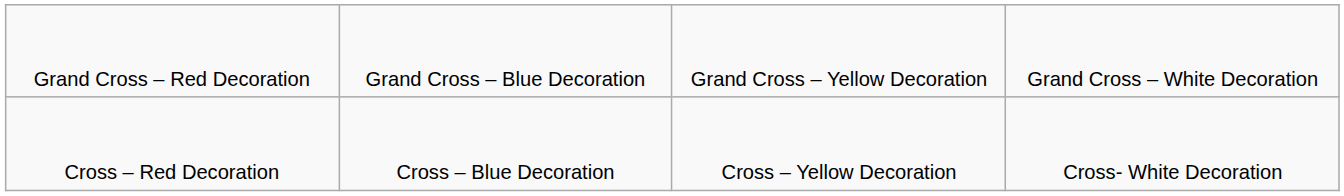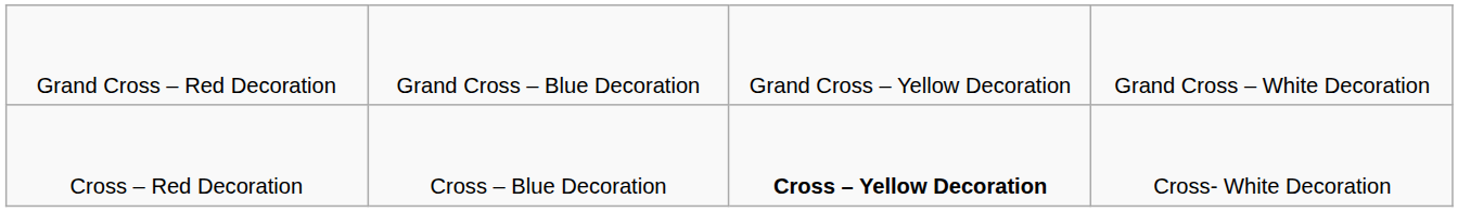 <table class=wikitable width=70% style="margin:1em auto;">
 <tr>
 <td width=20% valign=top align=center><br><br><small>Grand Cross – Red Decoration</small></td>
 <td width=20% valign=top align=center><br><br><small>Grand Cross – Blue Decoration</small></td>
 <td width=20% valign=top align=center><br><br><small>Grand Cross – Yellow Decoration</small></td>
 <td width=20% valign=top align=center><br><br><small>Grand Cross – White Decoration</small></td>
 </tr>
 <tr>
 <td width=20% valign=top align=center><br><br><small>Cross – Red Decoration</small></td>
 <td width=20% valign=top align=center><br><br><small>Cross – Blue Decoration</small></td>
-<td width=20% valign=top align=center><br><br><small>Cross – Yellow Decoration</small></td>
+<td width=20% valign=top align=center><strong><br><br><small>Cross – Yellow Decoration</small></strong></td>
 <td width=20% valign=top align=center><br><br><small>Cross- White Decoration</small></td>
 </tr>
 </table>
